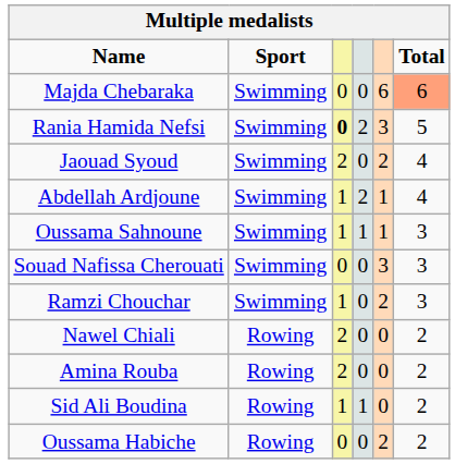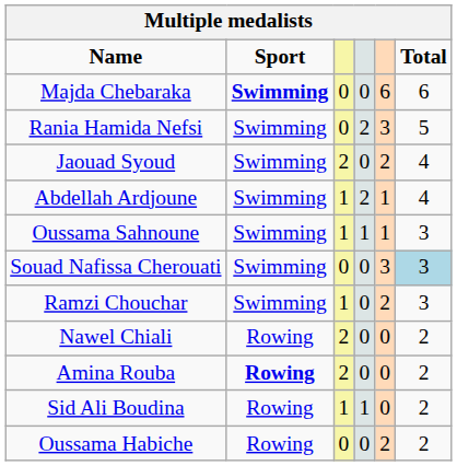 <table class="wikitable" style="font-size:85%; float:right; clear:right;">
 <tr style="background:#efefef;">
 <th colspan=7>Multiple medalists</th>
 </tr>
 <tr align=center>
 <td><strong>Name</strong></td>
 <td><strong>Sport</strong></td>
 <td style="background:#f7f6a8;"></td>
 <td style="background:#dce5e5;"></td>
 <td style="background:#ffdab9;"></td>
 <td><strong>Total</strong></td>
 </tr>
 <tr align=center>
 <td><a href='#'>Majda Chebaraka</a></td>
-<td><a href='#'>Swimming</a></td>
+<td><strong><a href='#'>Swimming</a></strong></td>
 <td style="background:#f7f6a8;">0</td>
 <td style="background:#dce5e5;">0</td>
 <td style="background:#ffdab9;">6</td>
-<td style="background: lightsalmon;">6</td>
+<td>6</td>
 </tr>
 <tr align=center>
 <td><a href='#'>Rania Hamida Nefsi</a></td>
 <td><a href='#'>Swimming</a></td>
-<td style="background:#f7f6a8;"><strong>0</strong></td>
+<td style="background:#f7f6a8;">0</td>
 <td style="background:#dce5e5;">2</td>
 <td style="background:#ffdab9;">3</td>
 <td>5</td>
 </tr>
 <tr align=center>
 <td><a href='#'>Jaouad Syoud</a></td>
 <td><a href='#'>Swimming</a></td>
 <td style="background:#f7f6a8;">2</td>
 <td style="background:#dce5e5;">0</td>
 <td style="background:#ffdab9;">2</td>
 <td>4</td>
 </tr>
 <tr align=center>
 <td><a href='#'>Abdellah Ardjoune</a></td>
 <td><a href='#'>Swimming</a></td>
 <td style="background:#f7f6a8;">1</td>
 <td style="background:#dce5e5;">2</td>
 <td style="background:#ffdab9;">1</td>
 <td>4</td>
 </tr>
 <tr align=center>
 <td><a href='#'>Oussama Sahnoune</a></td>
 <td><a href='#'>Swimming</a></td>
 <td style="background:#f7f6a8;">1</td>
 <td style="background:#dce5e5;">1</td>
 <td style="background:#ffdab9;">1</td>
 <td>3</td>
 </tr>
 <tr align=center>
 <td><a href='#'>Souad Nafissa Cherouati</a></td>
 <td><a href='#'>Swimming</a></td>
 <td style="background:#f7f6a8;">0</td>
 <td style="background:#dce5e5;">0</td>
 <td style="background:#ffdab9;">3</td>
-<td>3</td>
+<td style="background: lightblue;">3</td>
 </tr>
 <tr align=center>
 <td><a href='#'>Ramzi Chouchar</a></td>
 <td><a href='#'>Swimming</a></td>
 <td style="background:#f7f6a8;">1</td>
 <td style="background:#dce5e5;">0</td>
 <td style="background:#ffdab9;">2</td>
 <td>3</td>
 </tr>
 <tr align=center>
 <td><a href='#'>Nawel Chiali</a></td>
 <td><a href='#'>Rowing</a></td>
 <td style="background:#f7f6a8;">2</td>
 <td style="background:#dce5e5;">0</td>
 <td style="background:#ffdab9;">0</td>
 <td>2</td>
 </tr>
 <tr align=center>
 <td><a href='#'>Amina Rouba</a></td>
-<td><a href='#'>Rowing</a></td>
+<td><strong><a href='#'>Rowing</a></strong></td>
 <td style="background:#f7f6a8;">2</td>
 <td style="background:#dce5e5;">0</td>
 <td style="background:#ffdab9;">0</td>
 <td>2</td>
 </tr>
 <tr align=center>
 <td><a href='#'>Sid Ali Boudina</a></td>
 <td><a href='#'>Rowing</a></td>
 <td style="background:#f7f6a8;">1</td>
 <td style="background:#dce5e5;">1</td>
 <td style="background:#ffdab9;">0</td>
 <td>2</td>
 </tr>
 <tr align=center>
 <td><a href='#'>Oussama Habiche</a></td>
 <td><a href='#'>Rowing</a></td>
 <td style="background:#f7f6a8;">0</td>
 <td style="background:#dce5e5;">0</td>
 <td style="background:#ffdab9;">2</td>
 <td>2</td>
 </tr>
 </table>
